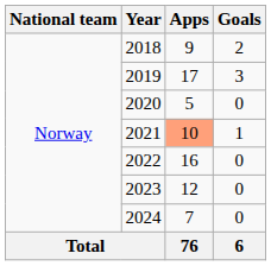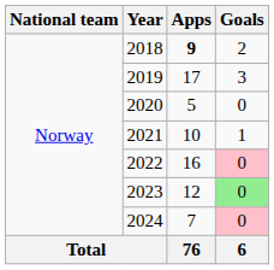 <table class="wikitable" style="text-align:center">
 <tr>
 <th>National team</th>
 <th>Year</th>
 <th>Apps</th>
 <th>Goals</th>
 </tr>
 <tr>
 <td rowspan="7"><a href='#'>Norway</a></td>
 <td>2018</td>
-<td>9</td>
+<td><strong>9</strong></td>
 <td>2</td>
 </tr>
 <tr>
 <td>2019</td>
 <td>17</td>
 <td>3</td>
 </tr>
 <tr>
 <td>2020</td>
 <td>5</td>
 <td>0</td>
 </tr>
 <tr>
 <td>2021</td>
-<td style="background: lightsalmon;">10</td>
+<td>10</td>
 <td>1</td>
 </tr>
 <tr>
 <td>2022</td>
 <td>16</td>
-<td>0</td>
+<td style="background: pink;">0</td>
 </tr>
 <tr>
 <td>2023</td>
 <td>12</td>
-<td>0</td>
+<td style="background: lightgreen;">0</td>
 </tr>
 <tr>
 <td>2024</td>
 <td>7</td>
-<td>0</td>
+<td style="background: pink;">0</td>
 </tr>
 <tr>
 <th colspan="2">Total</th>
 <th>76</th>
 <th>6</th>
 </tr>
 </table>
